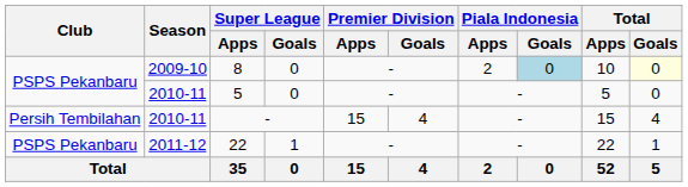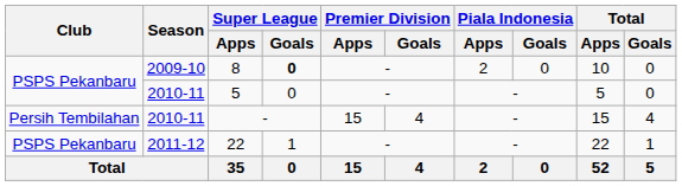 <table class="wikitable" style="font-size:90%; text-align:center;">
 <tr>
 <th rowspan="2">Club</th>
 <th rowspan="2">Season</th>
 <th colspan="2"><a href='#'>Super League</a></th>
 <th colspan="2"><a href='#'>Premier Division</a></th>
 <th colspan="2"><a href='#'>Piala Indonesia</a></th>
 <th colspan="2">Total</th>
 </tr>
 <tr>
 <th>Apps</th>
 <th>Goals</th>
 <th>Apps</th>
 <th>Goals</th>
 <th>Apps</th>
 <th>Goals</th>
 <th>Apps</th>
 <th>Goals</th>
 </tr>
 <tr>
 <td rowspan="2"><a href='#'>PSPS Pekanbaru</a></td>
 <td><a href='#'>2009-10</a></td>
 <td>8</td>
-<td>0</td>
+<td><strong>0</strong></td>
 <td colspan="2">-</td>
 <td>2</td>
-<td style="background: lightblue;">0</td>
+<td>0</td>
 <td>10</td>
-<td style="background: lightyellow;">0</td>
+<td>0</td>
 </tr>
 <tr>
 <td><a href='#'>2010-11</a></td>
 <td>5</td>
 <td>0</td>
 <td colspan="2">-</td>
 <td colspan="2">-</td>
 <td>5</td>
 <td>0</td>
 </tr>
 <tr>
 <td rowspan="1"><a href='#'>Persih Tembilahan</a></td>
 <td><a href='#'>2010-11</a></td>
 <td colspan="2">-</td>
 <td>15</td>
 <td>4</td>
 <td colspan="2">-</td>
 <td>15</td>
 <td>4</td>
 </tr>
 <tr>
 <td rowspan="1"><a href='#'>PSPS Pekanbaru</a></td>
 <td><a href='#'>2011-12</a></td>
 <td>22</td>
 <td>1</td>
 <td colspan="2">-</td>
 <td colspan="2">-</td>
 <td>22</td>
 <td>1</td>
 </tr>
 <tr>
 <th colspan="2">Total</th>
 <th>35</th>
 <th>0</th>
 <th>15</th>
 <th>4</th>
 <th>2</th>
 <th>0</th>
 <th>52</th>
 <th>5</th>
 </tr>
 </table>
